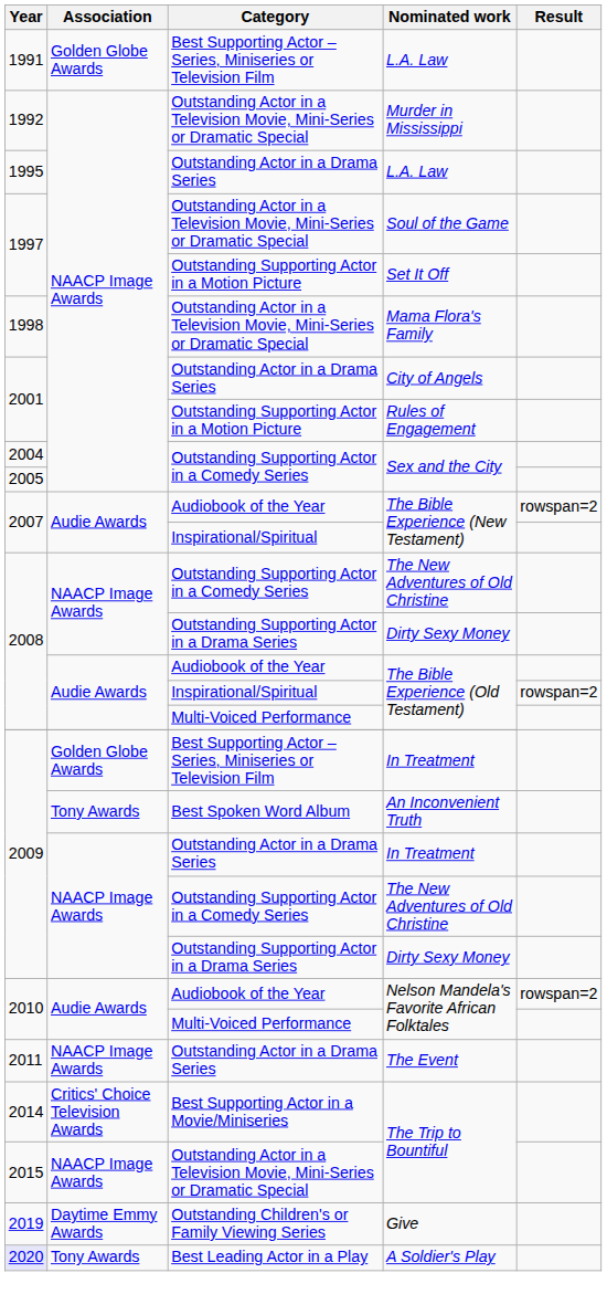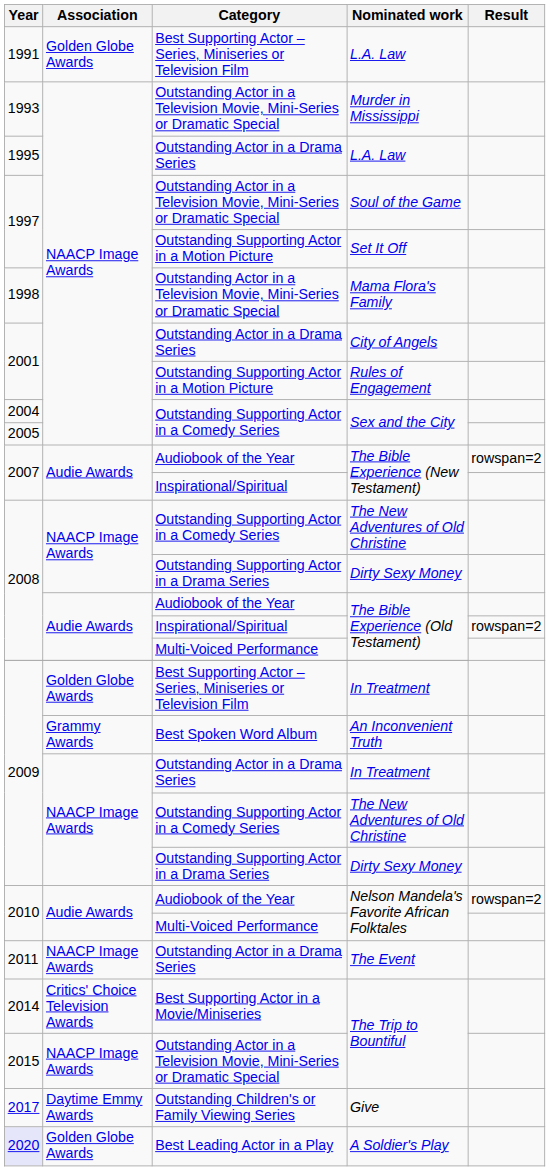 <table class="wikitable sortable">
 <tr>
 <th>Year</th>
 <th>Association</th>
 <th>Category</th>
 <th>Nominated work</th>
 <th>Result</th>
 </tr>
 <tr>
 <td>1991</td>
 <td><a href='#'>Golden Globe Awards</a></td>
 <td><a href='#'>Best Supporting Actor – Series, Miniseries or Television Film</a></td>
 <td><em><a href='#'>L.A. Law</a></em></td>
 <td></td>
 </tr>
 <tr>
-<td>1992</td>
+<td>1993</td>
 <td rowspan="9"><a href='#'>NAACP Image Awards</a></td>
 <td><a href='#'>Outstanding Actor in a Television Movie, Mini-Series or Dramatic Special</a></td>
 <td><em><a href='#'>Murder in Mississippi</a></em></td>
 <td></td>
 </tr>
 <tr>
 <td>1995</td>
 <td><a href='#'>Outstanding Actor in a Drama Series</a></td>
 <td><em><a href='#'>L.A. Law</a></em></td>
 <td></td>
 </tr>
 <tr>
 <td rowspan="2">1997</td>
 <td><a href='#'>Outstanding Actor in a Television Movie, Mini-Series or Dramatic Special</a></td>
 <td><em><a href='#'>Soul of the Game</a></em></td>
 <td></td>
 </tr>
 <tr>
 <td><a href='#'>Outstanding Supporting Actor in a Motion Picture</a></td>
 <td><em><a href='#'>Set It Off</a></em></td>
 <td></td>
 </tr>
 <tr>
 <td>1998</td>
 <td><a href='#'>Outstanding Actor in a Television Movie, Mini-Series or Dramatic Special</a></td>
 <td><em><a href='#'>Mama Flora's Family</a></em></td>
 <td></td>
 </tr>
 <tr>
 <td rowspan="2">2001</td>
 <td><a href='#'>Outstanding Actor in a Drama Series</a></td>
 <td><em><a href='#'>City of Angels</a></em></td>
 <td></td>
 </tr>
 <tr>
 <td><a href='#'>Outstanding Supporting Actor in a Motion Picture</a></td>
 <td><em><a href='#'>Rules of Engagement</a></em></td>
 <td></td>
 </tr>
 <tr>
 <td>2004</td>
 <td rowspan="2"><a href='#'>Outstanding Supporting Actor in a Comedy Series</a></td>
 <td rowspan="2"><em><a href='#'>Sex and the City</a></em></td>
 <td></td>
 </tr>
 <tr>
 <td>2005</td>
 <td></td>
 </tr>
 <tr>
 <td rowspan=2>2007</td>
 <td rowspan=2><a href='#'>Audie Awards</a></td>
 <td><a href='#'>Audiobook of the Year</a></td>
 <td rowspan=2><em><a href='#'>The Bible Experience</a> (New Testament)</em></td>
 <td>rowspan=2 </td>
 </tr>
 <tr>
 <td><a href='#'>Inspirational/Spiritual</a></td>
 </tr>
 <tr>
 <td rowspan="5">2008</td>
 <td rowspan="2"><a href='#'>NAACP Image Awards</a></td>
 <td><a href='#'>Outstanding Supporting Actor in a Comedy Series</a></td>
 <td><em><a href='#'>The New Adventures of Old Christine</a></em></td>
 <td></td>
 </tr>
 <tr>
 <td><a href='#'>Outstanding Supporting Actor in a Drama Series</a></td>
 <td><em><a href='#'>Dirty Sexy Money</a></em></td>
 <td></td>
 </tr>
 <tr>
 <td rowspan=3><a href='#'>Audie Awards</a></td>
 <td><a href='#'>Audiobook of the Year</a></td>
 <td rowspan=3><em><a href='#'>The Bible Experience</a> (Old Testament)</em></td>
 <td></td>
 </tr>
 <tr>
 <td><a href='#'>Inspirational/Spiritual</a></td>
 <td>rowspan=2 </td>
 </tr>
 <tr>
 <td><a href='#'>Multi-Voiced Performance</a></td>
 </tr>
 <tr>
 </tr>
 <tr>
 <td rowspan="5">2009</td>
 <td><a href='#'>Golden Globe Awards</a></td>
 <td><a href='#'>Best Supporting Actor – Series, Miniseries or Television Film</a></td>
 <td><em><a href='#'>In Treatment</a></em></td>
 <td></td>
 </tr>
 <tr>
-<td><a href='#'>Tony Awards</a></td>
+<td><a href='#'>Grammy Awards</a></td>
 <td><a href='#'>Best Spoken Word Album</a></td>
 <td><em><a href='#'>An Inconvenient Truth</a></em></td>
 <td></td>
 </tr>
 <tr>
 <td rowspan="3"><a href='#'>NAACP Image Awards</a></td>
 <td><a href='#'>Outstanding Actor in a Drama Series</a></td>
 <td><em><a href='#'>In Treatment</a></em></td>
 <td></td>
 </tr>
 <tr>
 <td><a href='#'>Outstanding Supporting Actor in a Comedy Series</a></td>
 <td><em><a href='#'>The New Adventures of Old Christine</a></em></td>
 <td></td>
 </tr>
 <tr>
 <td><a href='#'>Outstanding Supporting Actor in a Drama Series</a></td>
 <td><em><a href='#'>Dirty Sexy Money</a></em></td>
 <td></td>
 </tr>
 <tr>
 <td rowspan=2>2010</td>
 <td rowspan="2"><a href='#'>Audie Awards</a></td>
 <td><a href='#'>Audiobook of the Year</a></td>
 <td rowspan=2><em>Nelson Mandela's Favorite African Folktales</em></td>
 <td>rowspan=2 </td>
 </tr>
 <tr>
 <td><a href='#'>Multi-Voiced Performance</a></td>
 </tr>
 <tr>
 <td>2011</td>
 <td rowspan="1"><a href='#'>NAACP Image Awards</a></td>
 <td><a href='#'>Outstanding Actor in a Drama Series</a></td>
 <td><em><a href='#'>The Event</a></em></td>
 <td></td>
 </tr>
 <tr>
 <td>2014</td>
 <td><a href='#'>Critics' Choice Television Awards</a></td>
 <td><a href='#'>Best Supporting Actor in a Movie/Miniseries</a></td>
 <td rowspan="2"><em><a href='#'>The Trip to Bountiful</a></em></td>
 <td></td>
 </tr>
 <tr>
 <td>2015</td>
 <td><a href='#'>NAACP Image Awards</a></td>
 <td><a href='#'>Outstanding Actor in a Television Movie, Mini-Series or Dramatic Special</a></td>
 <td></td>
 </tr>
 <tr>
-<td><a href='#'>2019</a></td>
+<td><a href='#'>2017</a></td>
 <td><a href='#'>Daytime Emmy Awards</a></td>
 <td><a href='#'>Outstanding Children's or Family Viewing Series</a></td>
 <td><em>Give</em></td>
 <td></td>
 </tr>
 <tr>
 <td style="background: lavender;"><a href='#'>2020</a></td>
-<td><a href='#'>Tony Awards</a></td>
+<td><a href='#'>Golden Globe Awards</a></td>
 <td><a href='#'>Best Leading Actor in a Play</a></td>
 <td><em><a href='#'>A Soldier's Play</a></em></td>
 <td></td>
 </tr>
 </table>
